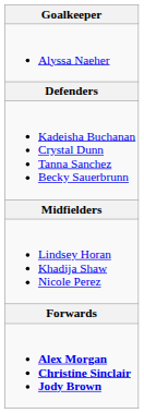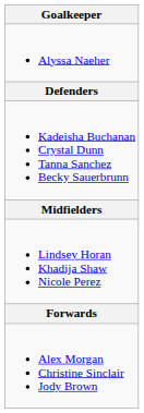 <table class="wikitable">
 <tr>
 <th>Goalkeeper</th>
 </tr>
 <tr>
 <td><br><ul><li> <a href='#'>Alyssa Naeher</a></li></ul></td>
 </tr>
 <tr>
 <th>Defenders</th>
 </tr>
 <tr>
 <td><br><ul><li> <a href='#'>Kadeisha Buchanan</a></li><li> <a href='#'>Crystal Dunn</a></li><li> <a href='#'>Tanna Sanchez</a></li><li> <a href='#'>Becky Sauerbrunn</a></li></ul></td>
 </tr>
 <tr>
 <th>Midfielders</th>
 </tr>
 <tr>
 <td><br><ul><li> <a href='#'>Lindsey Horan</a></li><li> <a href='#'>Khadija Shaw</a></li><li> <a href='#'>Nicole Perez</a></li></ul></td>
 </tr>
 <tr>
 <th>Forwards</th>
 </tr>
 <tr>
-<td><strong><br><ul><li> <a href='#'>Alex Morgan</a></li><li> <a href='#'>Christine Sinclair</a></li><li> <a href='#'>Jody Brown</a></li></ul></strong></td>
+<td><br><ul><li> <a href='#'>Alex Morgan</a></li><li> <a href='#'>Christine Sinclair</a></li><li> <a href='#'>Jody Brown</a></li></ul></td>
 </tr>
 </table>
